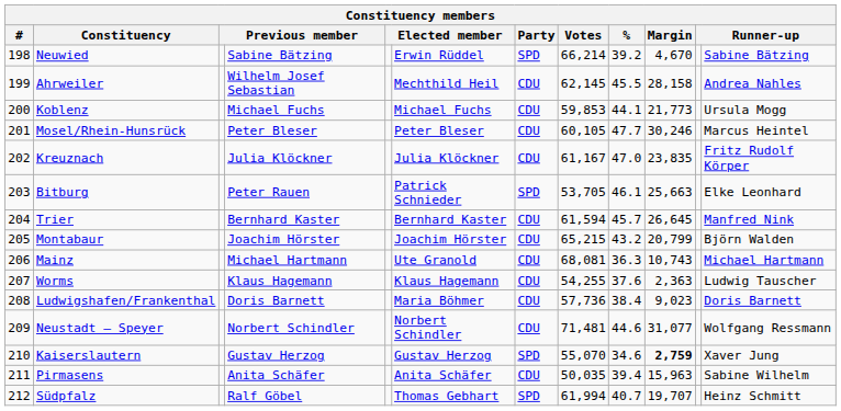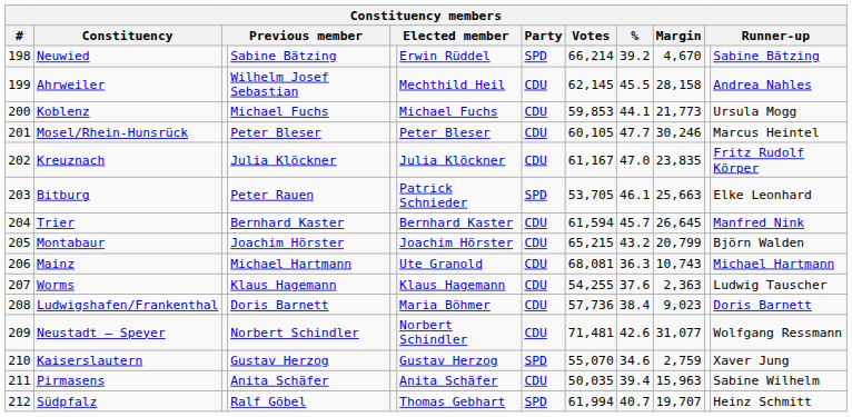 <table class="wikitable sortable" style="text-align:right">
 <tr>
 <th colspan="12">Constituency members</th>
 </tr>
 <tr>
 <th>#</th>
 <th>Constituency</th>
 <th colspan="2">Previous member</th>
 <th colspan="2">Elected member</th>
 <th>Party</th>
 <th>Votes</th>
 <th>%</th>
 <th>Margin</th>
 <th colspan="2">Runner-up</th>
 </tr>
 <tr>
 <td>198</td>
 <td align=left><a href='#'>Neuwied</a></td>
 <td bgcolor=></td>
 <td align=left><a href='#'>Sabine Bätzing</a></td>
 <td bgcolor=></td>
 <td align=left><a href='#'>Erwin Rüddel</a></td>
 <td align=left><a href='#'>SPD</a></td>
 <td>66,214</td>
 <td>39.2</td>
 <td>4,670</td>
 <td bgcolor=></td>
 <td align=left><a href='#'>Sabine Bätzing</a></td>
 </tr>
 <tr>
 <td>199</td>
 <td align=left><a href='#'>Ahrweiler</a></td>
 <td bgcolor=></td>
 <td align=left><a href='#'>Wilhelm Josef Sebastian</a></td>
 <td></td>
 <td align=left><a href='#'>Mechthild Heil</a></td>
 <td align=left><a href='#'>CDU</a></td>
 <td>62,145</td>
 <td>45.5</td>
 <td>28,158</td>
 <td bgcolor=></td>
 <td align=left><a href='#'>Andrea Nahles</a></td>
 </tr>
 <tr>
 <td>200</td>
 <td align=left><a href='#'>Koblenz</a></td>
 <td bgcolor=></td>
 <td align=left><a href='#'>Michael Fuchs</a></td>
 <td bgcolor=></td>
 <td align=left><a href='#'>Michael Fuchs</a></td>
 <td align=left><a href='#'>CDU</a></td>
 <td>59,853</td>
 <td>44.1</td>
 <td>21,773</td>
 <td bgcolor=></td>
 <td align=left>Ursula Mogg</td>
 </tr>
 <tr>
 <td>201</td>
 <td align=left><a href='#'>Mosel/Rhein-Hunsrück</a></td>
 <td bgcolor=></td>
 <td align=left><a href='#'>Peter Bleser</a></td>
 <td bgcolor=></td>
 <td align=left><a href='#'>Peter Bleser</a></td>
 <td align=left><a href='#'>CDU</a></td>
 <td>60,105</td>
 <td>47.7</td>
 <td>30,246</td>
 <td bgcolor=></td>
 <td align=left>Marcus Heintel</td>
 </tr>
 <tr>
 <td>202</td>
 <td align=left><a href='#'>Kreuznach</a></td>
 <td bgcolor=></td>
 <td align=left><a href='#'>Julia Klöckner</a></td>
 <td bgcolor=></td>
 <td align=left><a href='#'>Julia Klöckner</a></td>
 <td align=left><a href='#'>CDU</a></td>
 <td>61,167</td>
 <td>47.0</td>
 <td>23,835</td>
 <td bgcolor=></td>
 <td align=left><a href='#'>Fritz Rudolf Körper</a></td>
 </tr>
 <tr>
 <td>203</td>
 <td align=left><a href='#'>Bitburg</a></td>
 <td bgcolor=></td>
 <td align=left><a href='#'>Peter Rauen</a></td>
 <td></td>
 <td align=left><a href='#'>Patrick Schnieder</a></td>
 <td align=left><a href='#'>SPD</a></td>
 <td>53,705</td>
 <td>46.1</td>
 <td>25,663</td>
 <td bgcolor=></td>
 <td align=left>Elke Leonhard</td>
 </tr>
 <tr>
 <td>204</td>
 <td align=left><a href='#'>Trier</a></td>
 <td bgcolor=></td>
 <td align=left><a href='#'>Bernhard Kaster</a></td>
 <td></td>
 <td align=left><a href='#'>Bernhard Kaster</a></td>
 <td align="left"><a href='#'>CDU</a></td>
 <td>61,594</td>
 <td>45.7</td>
 <td>26,645</td>
 <td bgcolor=></td>
 <td align=left><a href='#'>Manfred Nink</a></td>
 </tr>
 <tr>
 <td>205</td>
 <td align=left><a href='#'>Montabaur</a></td>
 <td bgcolor=></td>
 <td align=left><a href='#'>Joachim Hörster</a></td>
 <td></td>
 <td align=left><a href='#'>Joachim Hörster</a></td>
 <td align="left"><a href='#'>CDU</a></td>
 <td>65,215</td>
 <td>43.2</td>
 <td>20,799</td>
 <td bgcolor=></td>
 <td align=left>Björn Walden</td>
 </tr>
 <tr>
 <td>206</td>
 <td align=left><a href='#'>Mainz</a></td>
 <td bgcolor=></td>
 <td align=left><a href='#'>Michael Hartmann</a></td>
 <td bgcolor=></td>
 <td align=left><a href='#'>Ute Granold</a></td>
 <td align=left><a href='#'>CDU</a></td>
 <td>68,081</td>
 <td>36.3</td>
 <td>10,743</td>
 <td bgcolor=></td>
 <td align=left><a href='#'>Michael Hartmann</a></td>
 </tr>
 <tr>
 <td>207</td>
 <td align=left><a href='#'>Worms</a></td>
 <td bgcolor=></td>
 <td align=left><a href='#'>Klaus Hagemann</a></td>
 <td></td>
 <td align=left><a href='#'>Klaus Hagemann</a></td>
 <td align="left"><a href='#'>CDU</a></td>
 <td>54,255</td>
 <td>37.6</td>
 <td>2,363</td>
 <td bgcolor=></td>
 <td align=left>Ludwig Tauscher</td>
 </tr>
 <tr>
 <td>208</td>
 <td align=left><a href='#'>Ludwigshafen/Frankenthal</a></td>
 <td bgcolor=></td>
 <td align=left><a href='#'>Doris Barnett</a></td>
 <td bgcolor=></td>
 <td align=left><a href='#'>Maria Böhmer</a></td>
 <td align=left><a href='#'>CDU</a></td>
 <td>57,736</td>
 <td>38.4</td>
 <td>9,023</td>
 <td bgcolor=></td>
 <td align=left><a href='#'>Doris Barnett</a></td>
 </tr>
 <tr>
 <td>209</td>
 <td align=left><a href='#'>Neustadt – Speyer</a></td>
 <td bgcolor=></td>
 <td align=left><a href='#'>Norbert Schindler</a></td>
 <td></td>
 <td align=left><a href='#'>Norbert Schindler</a></td>
 <td align="left"><a href='#'>CDU</a></td>
 <td>71,481</td>
-<td>44.6</td>
+<td>42.6</td>
 <td>31,077</td>
 <td bgcolor=></td>
 <td align=left>Wolfgang Ressmann</td>
 </tr>
 <tr>
 <td>210</td>
 <td align=left><a href='#'>Kaiserslautern</a></td>
 <td bgcolor=></td>
 <td align=left><a href='#'>Gustav Herzog</a></td>
 <td bgcolor=></td>
 <td align=left><a href='#'>Gustav Herzog</a></td>
 <td align=left><a href='#'>SPD</a></td>
 <td>55,070</td>
 <td>34.6</td>
-<td><strong>2,759</strong></td>
+<td>2,759</td>
 <td bgcolor=></td>
 <td align=left>Xaver Jung</td>
 </tr>
 <tr>
 <td>211</td>
 <td align=left><a href='#'>Pirmasens</a></td>
 <td bgcolor=></td>
 <td align=left><a href='#'>Anita Schäfer</a></td>
 <td bgcolor=></td>
 <td align=left><a href='#'>Anita Schäfer</a></td>
 <td align=left><a href='#'>CDU</a></td>
 <td>50,035</td>
 <td>39.4</td>
 <td>15,963</td>
 <td bgcolor=></td>
 <td align=left>Sabine Wilhelm</td>
 </tr>
 <tr>
 <td>212</td>
 <td align=left><a href='#'>Südpfalz</a></td>
 <td bgcolor=></td>
 <td align=left><a href='#'>Ralf Göbel</a></td>
 <td></td>
 <td align=left><a href='#'>Thomas Gebhart</a></td>
 <td align=left><a href='#'>SPD</a></td>
 <td>61,994</td>
 <td>40.7</td>
 <td>19,707</td>
 <td bgcolor=></td>
 <td align=left>Heinz Schmitt</td>
 </tr>
 </table>
